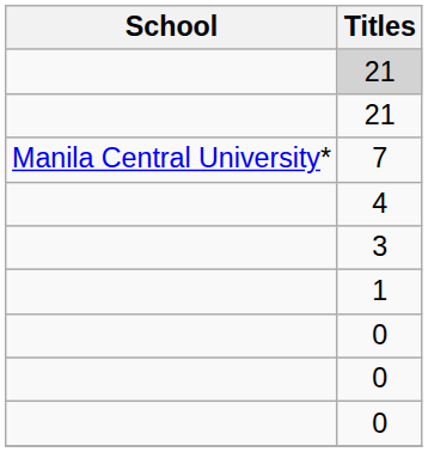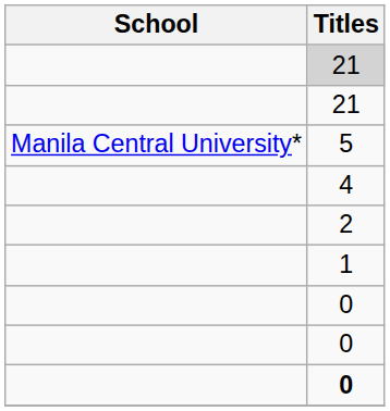 <table class="wikitable">
 <tr>
 <th>School</th>
 <th>Titles</th>
 </tr>
 <tr>
 <td></td>
 <td align="center" style="background: lightgrey;">21</td>
 </tr>
 <tr>
 <td></td>
 <td align="center">21</td>
 </tr>
 <tr>
 <td> <a href='#'>Manila Central University</a>*</td>
-<td align="center">7</td>
+<td align="center">5</td>
 </tr>
 <tr>
 <td></td>
 <td align="center">4</td>
 </tr>
 <tr>
 <td></td>
-<td align="center">3</td>
+<td align="center">2</td>
 </tr>
 <tr>
 <td></td>
 <td align="center">1</td>
 </tr>
 <tr>
 <td></td>
 <td align="center">0</td>
 </tr>
 <tr>
 <td></td>
 <td align="center">0</td>
 </tr>
 <tr>
 <td></td>
-<td align="center">0</td>
+<td align="center"><strong>0</strong></td>
 </tr>
 <tr>
 </tr>
 </table>
